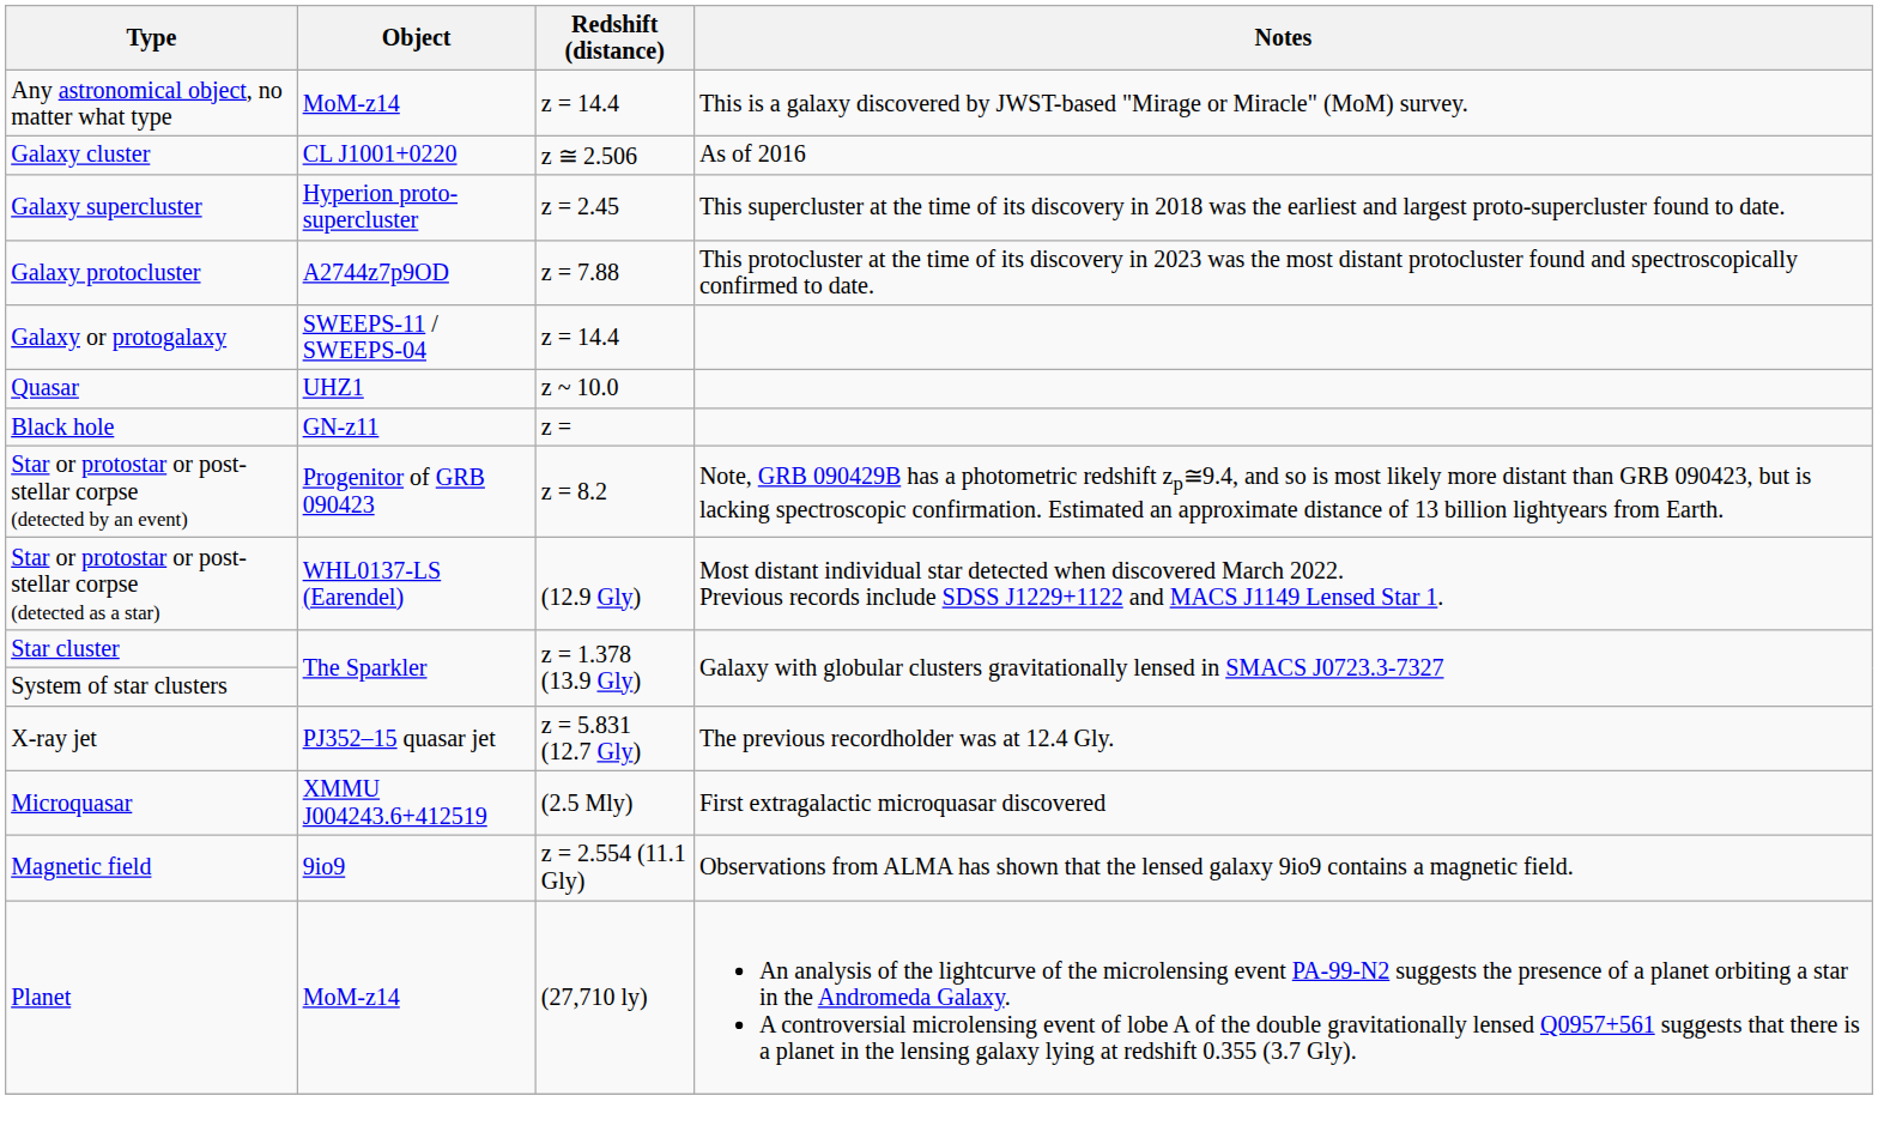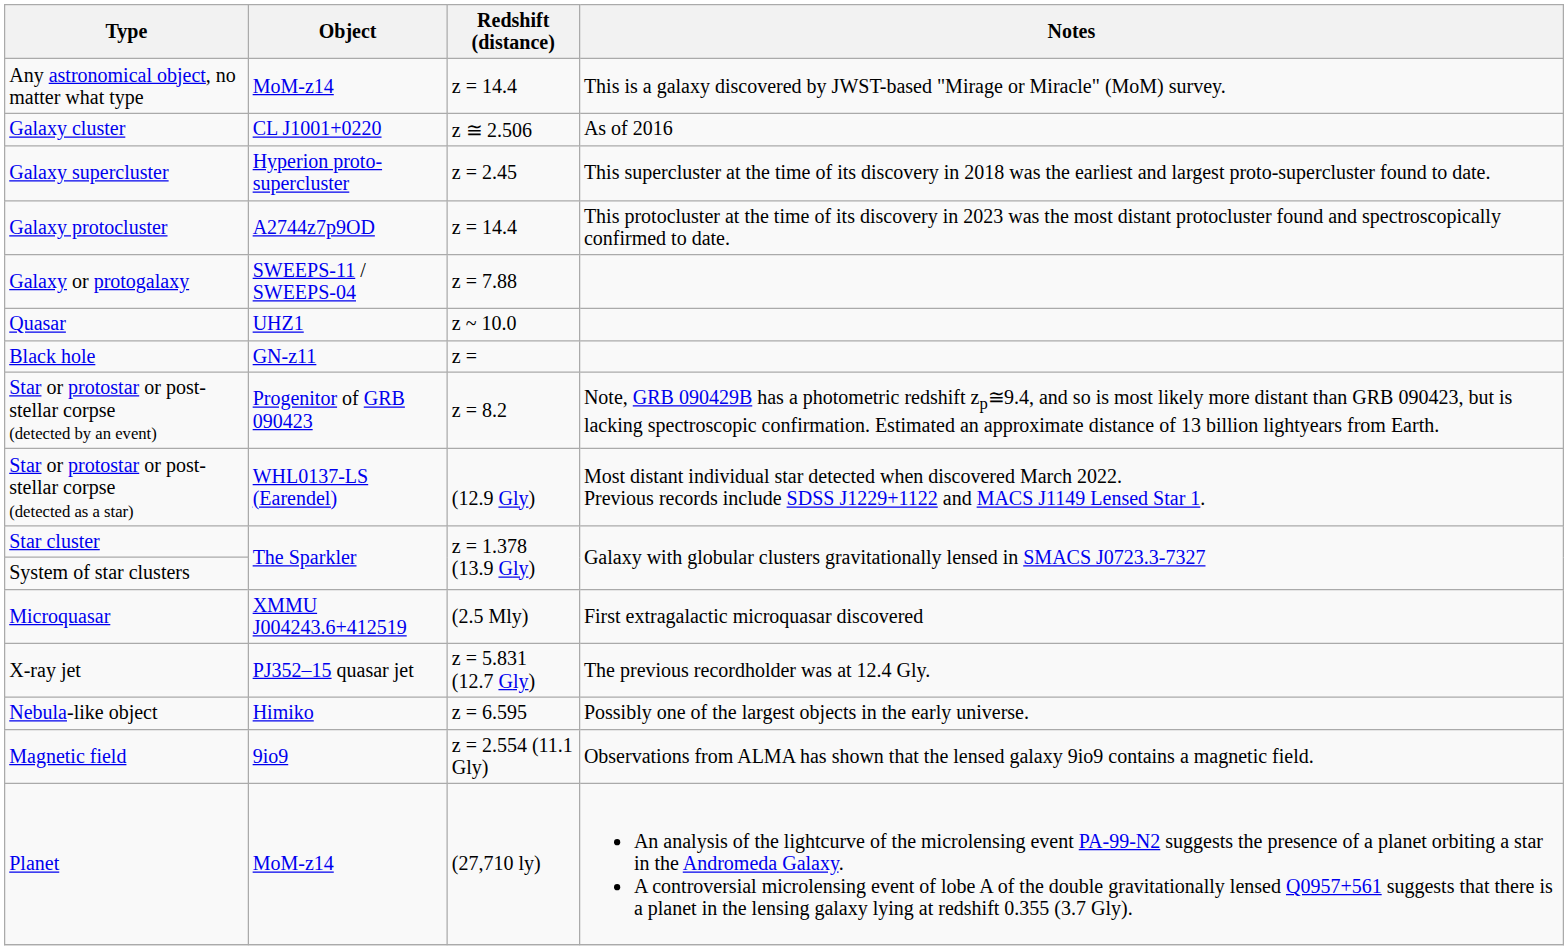 <table class="wikitable sticky-header">
 <tr>
 <th>Type</th>
 <th>Object</th>
 <th>Redshift<br>(distance)</th>
 <th>Notes</th>
 </tr>
 <tr>
 <td>Any <a href='#'>astronomical object</a>, no matter what type</td>
 <td><a href='#'>MoM-z14</a></td>
 <td>z = 14.4</td>
 <td>This is a galaxy discovered by JWST-based "Mirage or Miracle" (MoM) survey. </td>
 </tr>
 <tr>
 <td><a href='#'>Galaxy cluster</a></td>
 <td><a href='#'>CL J1001+0220</a></td>
 <td>z ≅ 2.506</td>
 <td>As of 2016</td>
 </tr>
 <tr>
 <td><a href='#'>Galaxy supercluster</a></td>
 <td><a href='#'>Hyperion proto-supercluster</a></td>
 <td>z = 2.45</td>
 <td>This supercluster at the time of its discovery in 2018 was the earliest and largest proto-supercluster found to date. </td>
 </tr>
 <tr>
 <td><a href='#'>Galaxy protocluster</a></td>
 <td><a href='#'>A2744z7p9OD</a></td>
-<td>z = 7.88</td>
+<td>z = 14.4</td>
 <td>This protocluster at the time of its discovery in 2023 was the most distant protocluster found and spectroscopically confirmed to date. </td>
 </tr>
 <tr>
 <td><a href='#'>Galaxy</a> or <a href='#'>protogalaxy</a></td>
 <td><a href='#'>SWEEPS-11</a> / <a href='#'>SWEEPS-04</a></td>
-<td>z = 14.4</td>
+<td>z = 7.88</td>
 <td></td>
 </tr>
 <tr>
 <td><a href='#'>Quasar</a></td>
 <td><a href='#'>UHZ1</a></td>
 <td>z ~ 10.0</td>
 <td></td>
 </tr>
 <tr>
 <td><a href='#'>Black hole</a></td>
 <td><a href='#'>GN-z11</a></td>
 <td>z = </td>
 <td></td>
 </tr>
 <tr>
 <td><a href='#'>Star</a> or <a href='#'>protostar</a> or post-stellar corpse <br> <small>(detected by an event)</small></td>
 <td><a href='#'>Progenitor</a> of <a href='#'>GRB 090423</a></td>
 <td>z = 8.2</td>
 <td> Note, <a href='#'>GRB 090429B</a> has a photometric redshift z<sub>p</sub>≅9.4, and so is most likely more distant than GRB 090423, but is lacking spectroscopic confirmation. Estimated an approximate distance of 13 billion lightyears from Earth.<br></td>
 </tr>
 <tr>
 <td><a href='#'>Star</a> or <a href='#'>protostar</a> or post-stellar corpse <br> <small>(detected as a star)</small></td>
 <td><a href='#'>WHL0137-LS (Earendel)</a></td>
 <td> <br>(12.9 <a href='#'>G</a><a href='#'>ly</a>)</td>
 <td>Most distant individual star detected when discovered March 2022.<br>Previous records include <a href='#'>SDSS J1229+1122</a> and <a href='#'>MACS J1149 Lensed Star 1</a>. </td>
 </tr>
 <tr>
 <td><a href='#'>Star cluster</a></td>
 <td rowspan=2><a href='#'>The Sparkler</a></td>
 <td rowspan=2>z = 1.378<br>(13.9 <a href='#'>G</a><a href='#'>ly</a>)</td>
 <td rowspan=2>Galaxy with globular clusters gravitationally lensed in <a href='#'>SMACS J0723.3-7327</a></td>
 </tr>
 <tr>
 <td>System of star clusters</td>
 </tr>
 <tr>
+<td><a href='#'>Microquasar</a></td>
+<td><a href='#'>XMMU J004243.6+412519</a></td>
+<td>(2.5 Mly)</td>
+<td>First extragalactic microquasar discovered</td>
+</tr>
+<tr>
 <td>X-ray jet</td>
 <td><a href='#'>PJ352–15</a> quasar jet</td>
 <td>z = 5.831 <br>(12.7 <a href='#'>G</a><a href='#'>ly</a>)</td>
 <td>The previous recordholder was at 12.4 Gly.</td>
 </tr>
 <tr>
-<td><a href='#'>Microquasar</a></td>
-<td><a href='#'>XMMU J004243.6+412519</a></td>
-<td>(2.5 Mly)</td>
-<td>First extragalactic microquasar discovered</td>
+<td><a href='#'>Nebula</a>-like object</td>
+<td><a href='#'>Himiko</a></td>
+<td>z = 6.595</td>
+<td>Possibly one of the largest objects in the early universe.</td>
 </tr>
 <tr>
 <td><a href='#'>Magnetic field</a></td>
 <td><a href='#'>9io9</a></td>
 <td>z = 2.554 (11.1 Gly)</td>
 <td>Observations from ALMA has shown that the lensed galaxy 9io9 contains a magnetic field.</td>
 </tr>
 <tr>
 <td><a href='#'>Planet</a></td>
 <td><a href='#'>MoM-z14</a></td>
 <td>(27,710 ly)</td>
 <td><br><ul><li>An analysis of the lightcurve of the microlensing event <a href='#'>PA-99-N2</a> suggests the presence of a planet orbiting a star in the <a href='#'>Andromeda Galaxy</a>.</li><li>A controversial microlensing event of lobe A of the double gravitationally lensed <a href='#'>Q0957+561</a> suggests that there is a planet in the lensing galaxy lying at redshift 0.355 (3.7 Gly).</li></ul></td>
 </tr>
 <tr>
 </tr>
 </table>
